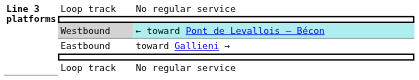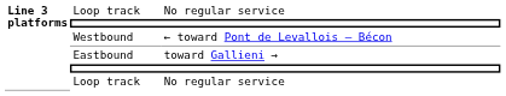 <table border=0 cellspacing=0 cellpadding=3>
 <tr>
 <td style="border-bottom:solid 1px gray;" width=50 rowspan=10 valign=top><strong>Line 3 platforms</strong></td>
 <td>Loop track</td>
 <td>No regular service</td>
 </tr>
 <tr>
 <td style="border-top:solid 2px black;border-right:solid 2px black;border-left:solid 2px black;border-bottom:solid 2px black;text-align:center;" colspan=2></td>
 </tr>
 <tr>
-<td style="background: lightgrey; border-bottom:solid 1px gray;" width=100>Westbound</td>
-<td style="background: paleturquoise; border-bottom:solid 1px gray;" width=390>←   toward <a href='#'>Pont de Levallois – Bécon</a> </td>
+<td style="border-bottom:solid 1px gray;" width=100>Westbound</td>
+<td style="border-bottom:solid 1px gray;" width=390>←   toward <a href='#'>Pont de Levallois – Bécon</a> </td>
 </tr>
 <tr>
 <td>Eastbound</td>
 <td>   toward <a href='#'>Gallieni</a>  →</td>
 </tr>
 <tr>
 <td style="border-top:solid 2px black;border-right:solid 2px black;border-left:solid 2px black;border-bottom:solid 2px black;text-align:center;" colspan=2></td>
 </tr>
 <tr>
 <td>Loop track</td>
 <td>No regular service</td>
 </tr>
 </table>
